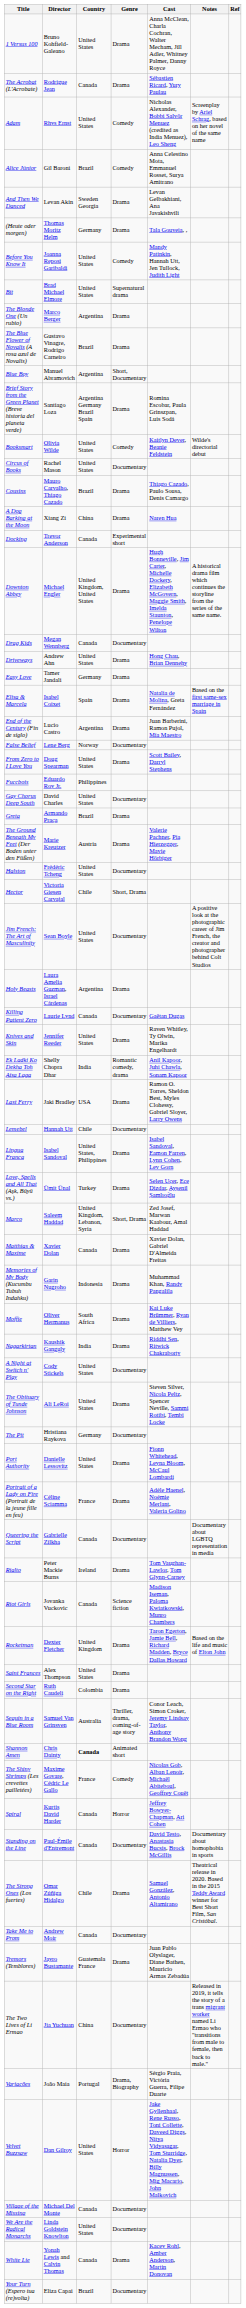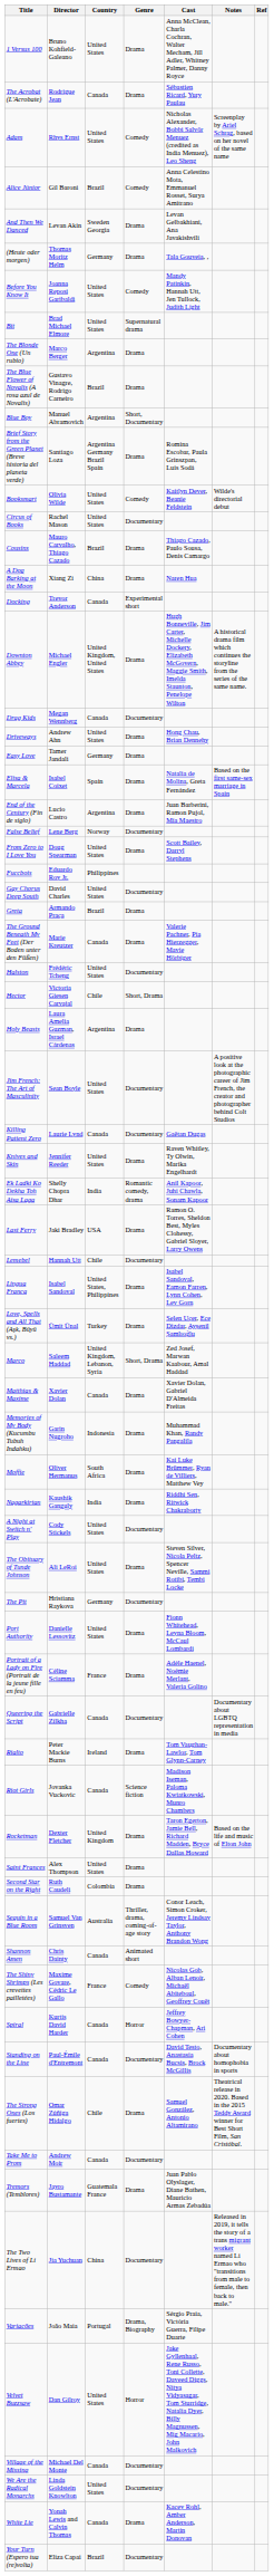 <table class="wikitable sortable">
 <tr>
 <th width="19%">Title</th>
 <th width="15%">Director</th>
 <th width="17%">Country</th>
 <th width="10%">Genre</th>
 <th width="22%">Cast</th>
 <th width="14%">Notes</th>
 <th width="3%">Ref</th>
 </tr>
 <tr>
 <td><em><a href='#'>1 Versus 100</a></em></td>
 <td>Bruno Kohfield-Galeano</td>
 <td>United States</td>
 <td>Drama</td>
 <td>Anna McClean, Charla Cochran, Walter Mecham, Jill Adler, Whitney Palmer, Danny Royce</td>
 <td></td>
 <td></td>
 </tr>
 <tr>
 <td><em><a href='#'>The Acrobat</a> (L'Acrobate)</em></td>
 <td><a href='#'>Rodrigue Jean</a></td>
 <td>Canada</td>
 <td>Drama</td>
 <td><a href='#'>Sébastien Ricard</a>, <a href='#'>Yury Paulau</a></td>
 <td></td>
 <td></td>
 </tr>
 <tr>
 <td><em><a href='#'>Adam</a></em></td>
 <td><a href='#'>Rhys Ernst</a></td>
 <td>United States</td>
 <td>Comedy</td>
 <td>Nicholas Alexander, <a href='#'>Bobbi Salvör Menuez</a> (credited as India Menuez), <a href='#'>Leo Sheng</a></td>
 <td>Screenplay by <a href='#'>Ariel Schrag</a>, based on her novel of the same name</td>
 <td></td>
 </tr>
 <tr>
 <td><em><a href='#'>Alice Júnior</a></em></td>
 <td>Gil Baroni</td>
 <td>Brazil</td>
 <td>Comedy</td>
 <td>Anna Celestino Mota, Emmanuel Rosset, Surya Amitrano</td>
 <td></td>
 <td></td>
 </tr>
 <tr>
 <td><em><a href='#'>And Then We Danced</a></em></td>
 <td>Levan Akin</td>
 <td>Sweden<br>Georgia</td>
 <td>Drama</td>
 <td>Levan Gelbakhiani, Ana Javakishvili</td>
 <td></td>
 <td></td>
 </tr>
 <tr>
 <td><em> (Heute oder morgen)</em></td>
 <td><a href='#'>Thomas Moritz Helm</a></td>
 <td>Germany</td>
 <td>Drama</td>
 <td><a href='#'>Tala Gouveia</a>, , </td>
 <td></td>
 <td></td>
 </tr>
 <tr>
 <td><em><a href='#'>Before You Know It</a></em></td>
 <td><a href='#'>Joanna Reposi Garibaldi</a></td>
 <td>United States</td>
 <td>Comedy</td>
 <td><a href='#'>Mandy Patinkin</a>, Hannah Utt, Jen Tullock, <a href='#'>Judith Light</a></td>
 <td></td>
 <td></td>
 </tr>
 <tr>
 <td><em><a href='#'>Bit</a></em></td>
 <td><a href='#'>Brad Michael Elmore</a></td>
 <td>United States</td>
 <td>Supernatural drama</td>
 <td></td>
 <td></td>
 <td></td>
 </tr>
 <tr>
 <td><em><a href='#'>The Blonde One</a> (Un rubio)</em></td>
 <td><a href='#'>Marco Berger</a></td>
 <td>Argentina</td>
 <td>Drama</td>
 <td></td>
 <td></td>
 <td></td>
 </tr>
 <tr>
 <td><em><a href='#'>The Blue Flower of Novalis</a> (A rosa azul de Novalis)</em></td>
 <td>Gustavo Vinagre, Rodrigo Carneiro</td>
 <td>Brazil</td>
 <td>Drama</td>
 <td></td>
 <td></td>
 <td></td>
 </tr>
 <tr>
 <td><em><a href='#'>Blue Boy</a></em></td>
 <td>Manuel Abramovich</td>
 <td>Argentina</td>
 <td>Short, Documentary</td>
 <td></td>
 <td></td>
 <td></td>
 </tr>
 <tr>
 <td><em><a href='#'>Brief Story from the Green Planet</a> (Breve historia del planeta verde)</em></td>
 <td>Santiago Loza</td>
 <td>Argentina<br>Germany<br>Brazil<br>Spain</td>
 <td>Drama</td>
 <td>Romina Escobar, Paula Grinszpan, Luis Sodá</td>
 <td></td>
 <td></td>
 </tr>
 <tr>
 <td><em><a href='#'>Booksmart</a></em></td>
 <td><a href='#'>Olivia Wilde</a></td>
 <td>United States</td>
 <td>Comedy</td>
 <td><a href='#'>Kaitlyn Dever</a>, <a href='#'>Beanie Feldstein</a></td>
 <td>Wilde's directorial debut</td>
 <td></td>
 </tr>
 <tr>
 <td><em><a href='#'>Circus of Books</a></em></td>
 <td>Rachel Mason</td>
 <td>United States</td>
 <td>Documentary</td>
 <td></td>
 <td></td>
 <td></td>
 </tr>
 <tr>
 <td><em><a href='#'>Cousins</a></em></td>
 <td><a href='#'>Mauro Carvalho</a>, <a href='#'>Thiago Cazado</a></td>
 <td>Brazil</td>
 <td>Drama</td>
 <td><a href='#'>Thiago Cazado</a>, Paulo Sousa, Denis Camargo</td>
 <td></td>
 <td></td>
 </tr>
 <tr>
 <td><em><a href='#'>A Dog Barking at the Moon</a></em></td>
 <td>Xiang Zi</td>
 <td>China</td>
 <td>Drama</td>
 <td><a href='#'>Naren Hua</a></td>
 <td></td>
 <td></td>
 </tr>
 <tr>
 <td><em><a href='#'>Docking</a></em></td>
 <td><a href='#'>Trevor Anderson</a></td>
 <td>Canada</td>
 <td>Experimental short</td>
 <td></td>
 <td></td>
 <td></td>
 </tr>
 <tr>
 <td><em><a href='#'>Downton Abbey</a></em></td>
 <td><a href='#'>Michael Engler</a></td>
 <td>United Kingdom, United States</td>
 <td>Drama</td>
 <td><a href='#'>Hugh Bonneville</a>, <a href='#'>Jim Carter</a>, <a href='#'>Michelle Dockery</a>, <a href='#'>Elizabeth McGovern</a>, <a href='#'>Maggie Smith</a>, <a href='#'>Imelda Staunton</a>, <a href='#'>Penelope Wilton</a></td>
 <td>A historical drama film which continues the storyline from the series of the same name.</td>
 <td></td>
 </tr>
 <tr>
 <td><em><a href='#'>Drag Kids</a></em></td>
 <td><a href='#'>Megan Wennberg</a></td>
 <td>Canada</td>
 <td>Documentary</td>
 <td></td>
 <td></td>
 <td></td>
 </tr>
 <tr>
 <td><em><a href='#'>Driveways</a></em></td>
 <td>Andrew Ahn</td>
 <td>United States</td>
 <td>Drama</td>
 <td><a href='#'>Hong Chau</a>, <a href='#'>Brian Dennehy</a></td>
 <td></td>
 <td></td>
 </tr>
 <tr>
 <td><em><a href='#'>Easy Love</a></em></td>
 <td>Tamer Jandali</td>
 <td>Germany</td>
 <td>Drama</td>
 <td></td>
 <td></td>
 <td></td>
 </tr>
 <tr>
 <td><em><a href='#'>Elisa & Marcela</a></em></td>
 <td><a href='#'>Isabel Coixet</a></td>
 <td>Spain</td>
 <td>Drama</td>
 <td><a href='#'>Natalia de Molina</a>, Greta Fernández</td>
 <td>Based on the <a href='#'>first same-sex marriage in Spain</a></td>
 <td></td>
 </tr>
 <tr>
 <td><em><a href='#'>End of the Century</a> (Fin de siglo)</em></td>
 <td>Lucio Castro</td>
 <td>Argentina</td>
 <td>Drama</td>
 <td>Juan Barberini, Ramon Pujol, <a href='#'>Mía Maestro</a></td>
 <td></td>
 <td></td>
 </tr>
 <tr>
 <td><em><a href='#'>False Belief</a></em></td>
 <td><a href='#'>Lene Berg</a></td>
 <td>Norway</td>
 <td>Documentary</td>
 <td></td>
 <td></td>
 <td></td>
 </tr>
 <tr>
 <td><em><a href='#'>From Zero to I Love You</a></em></td>
 <td><a href='#'>Doug Spearman</a></td>
 <td>United States</td>
 <td>Drama</td>
 <td><a href='#'>Scott Bailey</a>, <a href='#'>Darryl Stephens</a></td>
 <td></td>
 <td></td>
 </tr>
 <tr>
 <td><em><a href='#'>Fuccbois</a></em></td>
 <td><a href='#'>Eduardo Roy Jr.</a></td>
 <td>Philippines</td>
 <td></td>
 <td></td>
 <td></td>
 <td></td>
 </tr>
 <tr>
 <td><em><a href='#'>Gay Chorus Deep South</a></em></td>
 <td>David Charles</td>
 <td>United States</td>
 <td>Documentary</td>
 <td></td>
 <td></td>
 <td></td>
 </tr>
 <tr>
 <td><em><a href='#'>Greta</a></em></td>
 <td><a href='#'>Armando Praça</a></td>
 <td>Brazil</td>
 <td>Drama</td>
 <td></td>
 <td></td>
 <td></td>
 </tr>
 <tr>
 <td><em><a href='#'>The Ground Beneath My Feet</a> (Der Boden unter den Füßen)</em></td>
 <td><a href='#'>Marie Kreutzer</a></td>
-<td>Austria</td>
+<td>Canada</td>
 <td>Drama</td>
 <td><a href='#'>Valerie Pachner</a>, <a href='#'>Pia Hierzegger</a>, <a href='#'>Mavie Hörbiger</a></td>
 <td></td>
 <td></td>
 </tr>
 <tr>
 <td><em><a href='#'>Halston</a></em></td>
 <td><a href='#'>Frédéric Tcheng</a></td>
 <td>United States</td>
 <td>Documentary</td>
 <td></td>
 <td></td>
 <td></td>
 </tr>
 <tr>
 <td><em><a href='#'>Hector</a></em></td>
 <td><a href='#'>Victoria Giesen Carvajal</a></td>
 <td>Chile</td>
 <td>Short, Drama</td>
 <td></td>
 <td></td>
 <td></td>
 </tr>
 <tr>
+<td><em><a href='#'>Holy Beasts</a></em></td>
+<td><a href='#'>Laura Amelia Guzman</a>, <a href='#'>Israel Cárdenas</a></td>
+<td>Argentina</td>
+<td>Drama</td>
+<td></td>
+<td></td>
+<td></td>
+</tr>
+<tr>
 <td><em><a href='#'>Jim French: The Art of Masculinity</a></em></td>
 <td><a href='#'>Sean Boyle</a></td>
 <td>United States</td>
 <td>Documentary</td>
 <td></td>
 <td>A positive look at the photographic career of Jim French, the creator and photographer behind Colt Studios</td>
-<td></td>
-</tr>
-<tr>
-<td><em><a href='#'>Holy Beasts</a></em></td>
-<td><a href='#'>Laura Amelia Guzman</a>, <a href='#'>Israel Cárdenas</a></td>
-<td>Argentina</td>
-<td>Drama</td>
-<td></td>
-<td></td>
 <td></td>
 </tr>
 <tr>
 <td><em><a href='#'>Killing Patient Zero</a></em></td>
 <td><a href='#'>Laurie Lynd</a></td>
 <td>Canada</td>
 <td>Documentary</td>
 <td><a href='#'>Gaëtan Dugas</a></td>
 <td></td>
 <td></td>
 </tr>
 <tr>
 <td><em><a href='#'>Knives and Skin</a></em></td>
 <td><a href='#'>Jennifer Reeder</a></td>
 <td>United States</td>
 <td>Drama</td>
 <td>Raven Whitley, Ty Olwin, Marika Engelhardt</td>
 <td></td>
 <td></td>
 </tr>
 <tr>
 <td><em><a href='#'>Ek Ladki Ko Dekha Toh Aisa Laga</a></em></td>
 <td>Shelly Chopra Dhar</td>
 <td>India</td>
 <td>Romantic comedy, drama</td>
 <td><a href='#'>Anil Kapoor</a>, <a href='#'>Juhi Chawla</a>, <a href='#'>Sonam Kapoor</a></td>
 <td></td>
 <td></td>
 </tr>
 <tr>
 <td><em><a href='#'>Last Ferry</a></em></td>
 <td>Jaki Bradley</td>
 <td>USA</td>
 <td>Drama</td>
 <td>Ramon O. Torres, Sheldon Best, Myles Clohessy, Gabriel Sloyer, <a href='#'>Larry Owens</a></td>
 <td></td>
 <td></td>
 </tr>
 <tr>
 <td><em><a href='#'>Lemebel</a></em></td>
 <td><a href='#'>Hannah Utt</a></td>
 <td>Chile</td>
 <td>Documentary</td>
 <td></td>
 <td></td>
 <td></td>
 </tr>
 <tr>
 <td><em><a href='#'>Lingua Franca</a></em></td>
 <td><a href='#'>Isabel Sandoval</a></td>
 <td>United States, Philippines</td>
 <td>Drama</td>
 <td><a href='#'>Isabel Sandoval</a>, <a href='#'>Eamon Farren</a>, <a href='#'>Lynn Cohen</a>, <a href='#'>Lev Gorn</a></td>
 <td></td>
 <td></td>
 </tr>
 <tr>
 <td><em><a href='#'>Love, Spells and All That</a> (Aşk, Büyü vs.)</em></td>
 <td><a href='#'>Ümit Ünal</a></td>
 <td>Turkey</td>
 <td>Drama</td>
 <td><a href='#'>Selen Uçer</a>, <a href='#'>Ece Dizdar</a>, <a href='#'>Ayşenil Şamlıoğlu</a></td>
 <td></td>
 <td></td>
 </tr>
 <tr>
 <td><em><a href='#'>Marco</a></em></td>
 <td><a href='#'>Saleem Haddad</a></td>
 <td>United Kingdom, Lebanon, Syria</td>
 <td>Short, Drama</td>
 <td>Zed Josef, Marwan Kaabour, Amal Haddad</td>
 <td></td>
 <td></td>
 </tr>
 <tr>
 <td><em><a href='#'>Matthias & Maxime</a></em></td>
 <td><a href='#'>Xavier Dolan</a></td>
 <td>Canada</td>
 <td>Drama</td>
 <td>Xavier Dolan, Gabriel D'Almeida Freitas</td>
 <td></td>
 <td></td>
 </tr>
 <tr>
 <td><em><a href='#'>Memories of My Body</a> (Kucumbu Tubuh Indahku)</em></td>
 <td><a href='#'>Garin Nugroho</a></td>
 <td>Indonesia</td>
 <td>Drama</td>
 <td>Muhammad Khan, <a href='#'>Randy Pangalila</a></td>
 <td></td>
 <td></td>
 </tr>
 <tr>
 <td><em><a href='#'>Moffie</a></em></td>
 <td><a href='#'>Oliver Hermanus</a></td>
 <td>South Africa</td>
 <td>Drama</td>
 <td><a href='#'>Kai Luke Brümmer</a>, <a href='#'>Ryan de Villiers</a>, Matthew Vey</td>
 <td></td>
 <td></td>
 </tr>
 <tr>
 <td><em><a href='#'>Nagarkirtan</a></em></td>
 <td><a href='#'>Kaushik Ganguly</a></td>
 <td>India</td>
 <td>Drama</td>
 <td><a href='#'>Riddhi Sen</a>, <a href='#'>Ritwick Chakraborty</a></td>
 <td></td>
 <td></td>
 </tr>
 <tr>
 <td><em><a href='#'>A Night at Switch n' Play</a></em></td>
 <td><a href='#'>Cody Stickels</a></td>
 <td>United States</td>
 <td>Documentary</td>
 <td></td>
 <td></td>
 <td></td>
 </tr>
 <tr>
 <td><em><a href='#'>The Obituary of Tunde Johnson</a></em></td>
 <td><a href='#'>Ali LeRoi</a></td>
 <td>United States</td>
 <td>Drama</td>
 <td>Steven Silver, <a href='#'>Nicola Peltz</a>, Spencer Neville, <a href='#'>Sammi Rotibi</a>, <a href='#'>Tembi Locke</a></td>
 <td></td>
 <td></td>
 </tr>
 <tr>
 <td><em><a href='#'>The Pit</a></em></td>
 <td>Hristiana Raykova</td>
 <td>Germany</td>
 <td>Documentary</td>
 <td></td>
 <td></td>
 <td></td>
 </tr>
 <tr>
 <td><em><a href='#'>Port Authority</a></em></td>
 <td><a href='#'>Danielle Lessovitz</a></td>
 <td>United States</td>
 <td>Drama</td>
 <td><a href='#'>Fionn Whitehead</a>, <a href='#'>Leyna Bloom</a>, <a href='#'>McCaul Lombardi</a></td>
 <td></td>
 <td></td>
 </tr>
 <tr>
 <td><em><a href='#'>Portrait of a Lady on Fire</a> (Portrait de la jeune fille en feu)</em></td>
 <td><a href='#'>Céline Sciamma</a></td>
 <td>France</td>
 <td>Drama</td>
 <td><a href='#'>Adèle Haenel</a>, <a href='#'>Noémie Merlant</a>, <a href='#'>Valeria Golino</a></td>
 <td></td>
 <td></td>
 </tr>
 <tr>
 <td><em><a href='#'>Queering the Script</a></em></td>
 <td><a href='#'>Gabrielle Zilkha</a></td>
 <td>Canada</td>
 <td>Documentary</td>
 <td></td>
 <td>Documentary about LGBTQ representation in media</td>
 <td></td>
 </tr>
 <tr>
 <td><em><a href='#'>Rialto</a></em></td>
 <td>Peter Mackie Burns</td>
 <td>Ireland</td>
 <td>Drama</td>
 <td><a href='#'>Tom Vaughan-Lawlor</a>, <a href='#'>Tom Glynn-Carney</a></td>
 <td></td>
 <td></td>
 </tr>
 <tr>
 <td><em><a href='#'>Riot Girls</a></em></td>
 <td>Jovanka Vuckovic</td>
 <td>Canada</td>
 <td>Science fiction</td>
 <td><a href='#'>Madison Iseman</a>, <a href='#'>Paloma Kwiatkowski</a>, <a href='#'>Munro Chambers</a></td>
 <td></td>
 <td></td>
 </tr>
 <tr>
 <td><em><a href='#'>Rocketman</a></em></td>
 <td><a href='#'>Dexter Fletcher</a></td>
 <td>United Kingdom</td>
 <td>Drama</td>
 <td><a href='#'>Taron Egerton</a>, <a href='#'>Jamie Bell</a>, <a href='#'>Richard Madden</a>, <a href='#'>Bryce Dallas Howard</a></td>
 <td>Based on the life and music of <a href='#'>Elton John</a></td>
 <td></td>
 </tr>
 <tr>
 <td><em><a href='#'>Saint Frances</a></em></td>
 <td>Alex Thompson</td>
 <td>United States</td>
 <td>Drama</td>
 <td></td>
 <td></td>
 <td></td>
 </tr>
 <tr>
 <td><em><a href='#'>Second Star on the Right</a></em></td>
 <td><a href='#'>Ruth Caudeli</a></td>
 <td>Colombia</td>
 <td>Drama</td>
 <td></td>
 <td></td>
 <td></td>
 </tr>
 <tr>
 <td><em><a href='#'>Sequin in a Blue Room</a></em></td>
 <td><a href='#'>Samuel Van Grinsven</a></td>
 <td>Australia</td>
 <td>Thriller, drama, coming-of-age story</td>
 <td>Conor Leach, Simon Croker, <a href='#'>Jeremy Lindsay Taylor</a>, <a href='#'>Anthony Brandon Wong</a></td>
 <td></td>
 <td></td>
 </tr>
 <tr>
 <td><em><a href='#'>Shannon Amen</a></em></td>
 <td><a href='#'>Chris Dainty</a></td>
-<td><strong>Canada</strong></td>
+<td>Canada</td>
 <td>Animated short</td>
 <td></td>
 <td></td>
 <td></td>
 </tr>
 <tr>
 <td><em><a href='#'>The Shiny Shrimps</a> (Les crevettes pailletées)</em></td>
 <td><a href='#'>Maxime Govare</a>, <a href='#'>Cédric Le Gallo</a></td>
 <td>France</td>
 <td>Comedy</td>
 <td><a href='#'>Nicolas Gob</a>, <a href='#'>Alban Lenoir</a>, <a href='#'>Michaël Abiteboul</a>, <a href='#'>Geoffrey Couët</a></td>
 <td></td>
 <td></td>
 </tr>
 <tr>
 <td><em><a href='#'>Spiral</a></em></td>
 <td><a href='#'>Kurtis David Harder</a></td>
 <td>Canada</td>
 <td>Horror</td>
 <td><a href='#'>Jeffrey Bowyer-Chapman</a>, <a href='#'>Ari Cohen</a></td>
 <td></td>
 <td></td>
 </tr>
 <tr>
 <td><em><a href='#'>Standing on the Line</a></em></td>
 <td><a href='#'>Paul-Émile d'Entremont</a></td>
 <td>Canada</td>
 <td>Documentary</td>
 <td><a href='#'>David Testo</a>, <a href='#'>Anastasia Bucsis</a>, <a href='#'>Brock McGillis</a></td>
 <td>Documentary about homophobia in sports</td>
 <td></td>
 </tr>
 <tr>
 <td><em><a href='#'>The Strong Ones</a> (Los fuertes)</em></td>
 <td><a href='#'>Omar Zúñiga Hidalgo</a></td>
 <td>Chile</td>
 <td>Drama</td>
 <td><a href='#'>Samuel González</a>, <a href='#'>Antonio Altamirano</a></td>
 <td>Theatrical release in 2020. Based in the 2015 <a href='#'>Teddy Award</a> winner for Best Short Film, <em>San Cristóbal</em>.</td>
 <td></td>
 </tr>
 <tr>
 <td><em><a href='#'>Take Me to Prom</a></em></td>
 <td><a href='#'>Andrew Moir</a></td>
 <td>Canada</td>
 <td>Documentary</td>
 <td></td>
 <td></td>
 <td></td>
 </tr>
 <tr>
 <td><em><a href='#'>Tremors</a> (Temblores)</em></td>
 <td><a href='#'>Jayro Bustamante</a></td>
 <td>Guatemala<br>France</td>
 <td>Drama</td>
 <td>Juan Pablo Olyslager, Diane Bathen, Mauricio Armas Zebadúa</td>
 <td></td>
 <td></td>
 </tr>
 <tr>
 <td><em>The Two Lives of Li Ermao</em></td>
 <td><a href='#'>Jia Yuchuan</a></td>
 <td>China</td>
 <td>Documentary</td>
 <td></td>
 <td>Released in 2019, it tells the story of a trans <a href='#'>migrant worker</a> named Li Ermao who "transitions from male to female, then back to male."</td>
 <td></td>
 </tr>
 <tr>
 <td><em><a href='#'>Variações</a></em></td>
 <td>João Maia</td>
 <td>Portugal</td>
 <td>Drama, Biography</td>
 <td>Sérgio Praia, Victória Guerra, Filipe Duarte</td>
 <td></td>
 <td></td>
 </tr>
 <tr>
 <td><em><a href='#'>Velvet Buzzsaw</a></em></td>
 <td><a href='#'>Dan Gilroy</a></td>
 <td>United States</td>
 <td>Horror</td>
 <td><a href='#'>Jake Gyllenhaal</a>, <a href='#'>Rene Russo</a>, <a href='#'>Toni Collette</a>, <a href='#'>Daveed Diggs</a>, <a href='#'>Nitya Vidyasagar</a>, <a href='#'>Tom Sturridge</a>, <a href='#'>Natalia Dyer</a>, <a href='#'>Billy Magnussen</a>, <a href='#'>Mig Macario</a>, <a href='#'>John Malkovich</a></td>
 <td></td>
 <td></td>
 </tr>
 <tr>
 <td><em><a href='#'>Village of the Missing</a></em></td>
 <td><a href='#'>Michael Del Monte</a></td>
 <td>Canada</td>
 <td>Documentary</td>
 <td></td>
 <td></td>
 <td></td>
 </tr>
 <tr>
 <td><em><a href='#'>We Are the Radical Monarchs</a></em></td>
 <td><a href='#'>Linda Goldstein Knowlton</a></td>
 <td>United States</td>
 <td>Documentary</td>
 <td></td>
 <td></td>
 <td></td>
 </tr>
 <tr>
 <td><em><a href='#'>White Lie</a></em></td>
 <td><a href='#'>Yonah Lewis</a> and <a href='#'>Calvin Thomas</a></td>
 <td>Canada</td>
 <td>Drama</td>
 <td><a href='#'>Kacey Rohl</a>, <a href='#'>Amber Anderson</a>, <a href='#'>Martin Donovan</a></td>
 <td></td>
 <td></td>
 </tr>
 <tr>
 <td><em><a href='#'>Your Turn</a> (Espero tua (re)volta)</em></td>
 <td>Eliza Capai</td>
 <td>Brazil</td>
 <td>Documentary</td>
 <td></td>
 <td></td>
 <td></td>
 </tr>
 </table>
